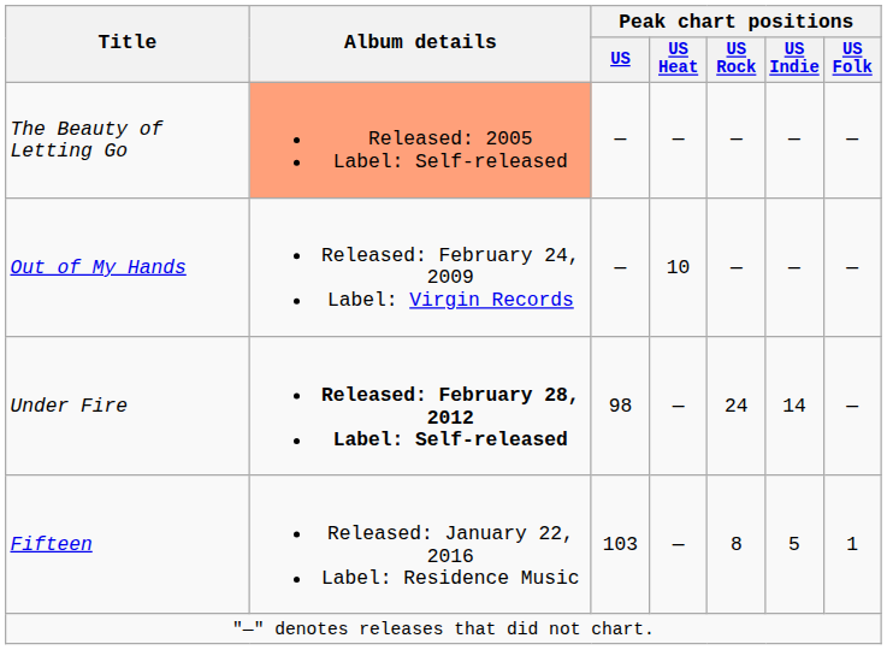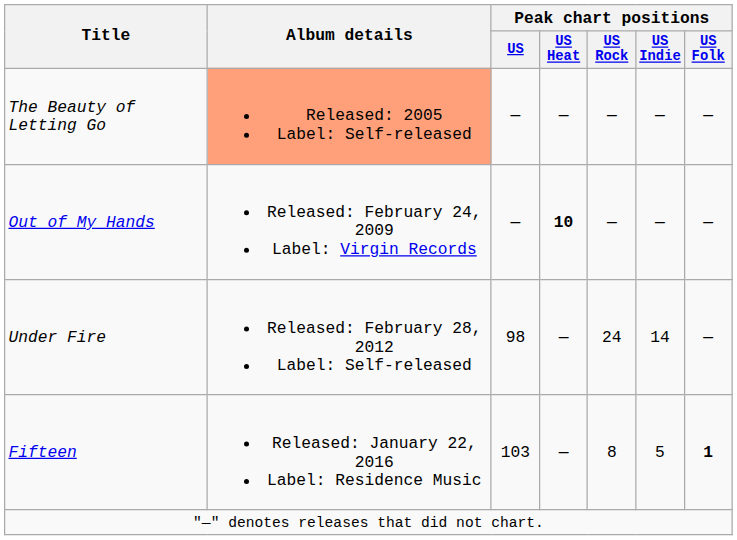 <table class="wikitable plainrowheaders" style="text-align:center;" border="1">
 <tr>
 <th scope="col" rowspan="2" style="width:12em;">Title</th>
 <th scope="col" rowspan="2" style="width:17em;">Album details</th>
 <th scope="col" colspan="5">Peak chart positions</th>
 </tr>
 <tr>
 <th scope="col" style="width:3em;font-size:85%;"><a href='#'>US</a><br></th>
 <th scope="col" style="width:3em;font-size:85%;"><a href='#'>US<br>Heat</a><br></th>
 <th scope="col" style="width:3em;font-size:85%;"><a href='#'>US<br>Rock</a><br></th>
 <th scope="col" style="width:3em;font-size:85%;"><a href='#'>US<br>Indie</a><br></th>
 <th scope="col" style="width:3em;font-size:85%;"><a href='#'>US<br>Folk</a><br></th>
 </tr>
 <tr>
 <td style= "text-align: left;"><em>The Beauty of Letting Go</em></td>
 <td style="background: lightsalmon;"><br><ul><li>Released: 2005</li><li>Label:  Self-released</li></ul></td>
 <td>—</td>
 <td>—</td>
 <td>—</td>
 <td>—</td>
 <td>—</td>
 </tr>
 <tr>
 <td style= "text-align: left;"><em><a href='#'>Out of My Hands</a></em></td>
 <td><br><ul><li>Released: February 24, 2009</li><li>Label: <a href='#'>Virgin Records</a></li></ul></td>
 <td>—</td>
-<td>10</td>
+<td><strong>10</strong></td>
 <td>—</td>
 <td>—</td>
 <td>—</td>
 </tr>
 <tr>
 <td style= "text-align: left;"><em>Under Fire</em></td>
-<td><strong><br><ul><li>Released: February 28, 2012</li><li>Label: Self-released</li></ul></strong></td>
+<td><br><ul><li>Released: February 28, 2012</li><li>Label: Self-released</li></ul></td>
 <td>98</td>
 <td>—</td>
 <td>24</td>
 <td>14</td>
 <td>—</td>
 </tr>
 <tr>
 <td style= "text-align: left;"><em><a href='#'>Fifteen</a></em></td>
 <td><br><ul><li>Released: January 22, 2016</li><li>Label: Residence Music</li></ul></td>
 <td>103</td>
 <td>—</td>
 <td>8</td>
 <td>5</td>
-<td>1</td>
+<td><strong>1</strong></td>
 </tr>
 <tr>
 <td colspan="14" style="text-align:center; font-size:90%;">"—" denotes releases that did not chart.</td>
 </tr>
 </table>
